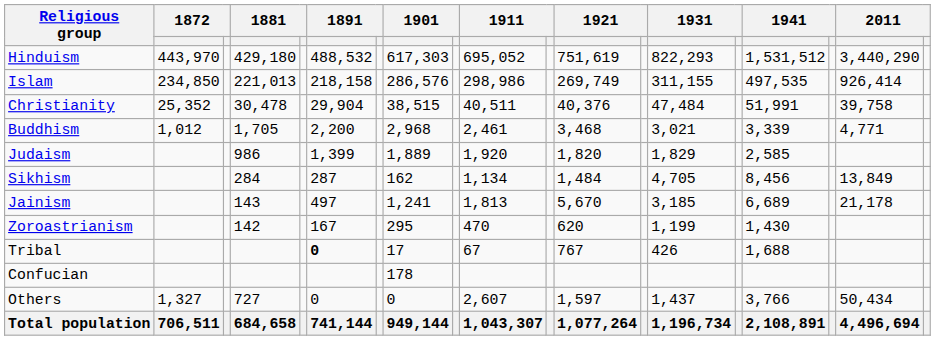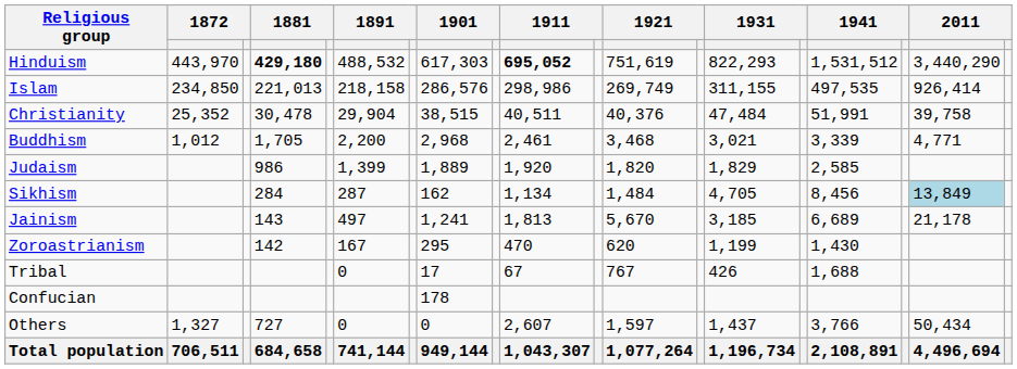 <table class="wikitable collapsible sortable">
 <tr>
 <th rowspan="2"><a href='#'>Religious</a><br>group</th>
 <th colspan="2">1872</th>
 <th colspan="2">1881</th>
 <th colspan="2">1891</th>
 <th colspan="2">1901</th>
 <th colspan="2">1911</th>
 <th colspan="2">1921</th>
 <th colspan="2">1931</th>
 <th colspan="2">1941</th>
 <th colspan="2">2011</th>
 </tr>
 <tr>
 <th><a href='#'></a></th>
 <th></th>
 <th></th>
 <th></th>
 <th></th>
 <th></th>
 <th></th>
 <th></th>
 <th></th>
 <th></th>
 <th></th>
 <th></th>
 <th></th>
 <th></th>
 <th></th>
 <th></th>
 <th></th>
 <th></th>
 </tr>
 <tr>
 <td><a href='#'>Hinduism</a> </td>
 <td>443,970</td>
 <td></td>
-<td>429,180</td>
+<td><strong>429,180</strong></td>
 <td></td>
 <td>488,532</td>
 <td></td>
 <td>617,303</td>
 <td></td>
-<td>695,052</td>
+<td><strong>695,052</strong></td>
 <td></td>
 <td>751,619</td>
 <td></td>
 <td>822,293</td>
 <td></td>
 <td>1,531,512</td>
 <td></td>
 <td>3,440,290</td>
 <td></td>
 </tr>
 <tr>
 <td><a href='#'>Islam</a> </td>
 <td>234,850</td>
 <td></td>
 <td>221,013</td>
 <td></td>
 <td>218,158</td>
 <td></td>
 <td>286,576</td>
 <td></td>
 <td>298,986</td>
 <td></td>
 <td>269,749</td>
 <td></td>
 <td>311,155</td>
 <td></td>
 <td>497,535</td>
 <td></td>
 <td>926,414</td>
 <td></td>
 </tr>
 <tr>
 <td><a href='#'>Christianity</a> </td>
 <td>25,352</td>
 <td></td>
 <td>30,478</td>
 <td></td>
 <td>29,904</td>
 <td></td>
 <td>38,515</td>
 <td></td>
 <td>40,511</td>
 <td></td>
 <td>40,376</td>
 <td></td>
 <td>47,484</td>
 <td></td>
 <td>51,991</td>
 <td></td>
 <td>39,758</td>
 <td></td>
 </tr>
 <tr>
 <td><a href='#'>Buddhism</a> </td>
 <td>1,012</td>
 <td></td>
 <td>1,705</td>
 <td></td>
 <td>2,200</td>
 <td></td>
 <td>2,968</td>
 <td></td>
 <td>2,461</td>
 <td></td>
 <td>3,468</td>
 <td></td>
 <td>3,021</td>
 <td></td>
 <td>3,339</td>
 <td></td>
 <td>4,771</td>
 <td></td>
 </tr>
 <tr>
 <td><a href='#'>Judaism</a> </td>
 <td></td>
 <td></td>
 <td>986</td>
 <td></td>
 <td>1,399</td>
 <td></td>
 <td>1,889</td>
 <td></td>
 <td>1,920</td>
 <td></td>
 <td>1,820</td>
 <td></td>
 <td>1,829</td>
 <td></td>
 <td>2,585</td>
 <td></td>
 <td></td>
 <td></td>
 </tr>
 <tr>
 <td><a href='#'>Sikhism</a> </td>
 <td></td>
 <td></td>
 <td>284</td>
 <td></td>
 <td>287</td>
 <td></td>
 <td>162</td>
 <td></td>
 <td>1,134</td>
 <td></td>
 <td>1,484</td>
 <td></td>
 <td>4,705</td>
 <td></td>
 <td>8,456</td>
 <td></td>
-<td>13,849</td>
+<td style="background: lightblue;">13,849</td>
 <td></td>
 </tr>
 <tr>
 <td><a href='#'>Jainism</a> </td>
 <td></td>
 <td></td>
 <td>143</td>
 <td></td>
 <td>497</td>
 <td></td>
 <td>1,241</td>
 <td></td>
 <td>1,813</td>
 <td></td>
 <td>5,670</td>
 <td></td>
 <td>3,185</td>
 <td></td>
 <td>6,689</td>
 <td></td>
 <td>21,178</td>
 <td></td>
 </tr>
 <tr>
 <td><a href='#'>Zoroastrianism</a> </td>
 <td></td>
 <td></td>
 <td>142</td>
 <td></td>
 <td>167</td>
 <td></td>
 <td>295</td>
 <td></td>
 <td>470</td>
 <td></td>
 <td>620</td>
 <td></td>
 <td>1,199</td>
 <td></td>
 <td>1,430</td>
 <td></td>
 <td></td>
 <td></td>
 </tr>
 <tr>
 <td>Tribal</td>
 <td></td>
 <td></td>
 <td></td>
 <td></td>
-<td><strong>0</strong></td>
+<td>0</td>
 <td></td>
 <td>17</td>
 <td></td>
 <td>67</td>
 <td></td>
 <td>767</td>
 <td></td>
 <td>426</td>
 <td></td>
 <td>1,688</td>
 <td></td>
 <td></td>
 <td></td>
 </tr>
 <tr>
 <td>Confucian</td>
 <td></td>
 <td></td>
 <td></td>
 <td></td>
 <td></td>
 <td></td>
 <td>178</td>
 <td></td>
 <td></td>
 <td></td>
 <td></td>
 <td></td>
 <td></td>
 <td></td>
 <td></td>
 <td></td>
 <td></td>
 <td></td>
 </tr>
 <tr>
 <td>Others</td>
 <td>1,327</td>
 <td></td>
 <td>727</td>
 <td></td>
 <td>0</td>
 <td></td>
 <td>0</td>
 <td></td>
 <td>2,607</td>
 <td></td>
 <td>1,597</td>
 <td></td>
 <td>1,437</td>
 <td></td>
 <td>3,766</td>
 <td></td>
 <td>50,434</td>
 <td></td>
 </tr>
 <tr>
 <th>Total population</th>
 <th>706,511</th>
 <th></th>
 <th>684,658</th>
 <th></th>
 <th>741,144</th>
 <th></th>
 <th>949,144</th>
 <th></th>
 <th>1,043,307</th>
 <th></th>
 <th>1,077,264</th>
 <th></th>
 <th>1,196,734</th>
 <th></th>
 <th>2,108,891</th>
 <th></th>
 <th>4,496,694</th>
 <th></th>
 </tr>
 </table>
